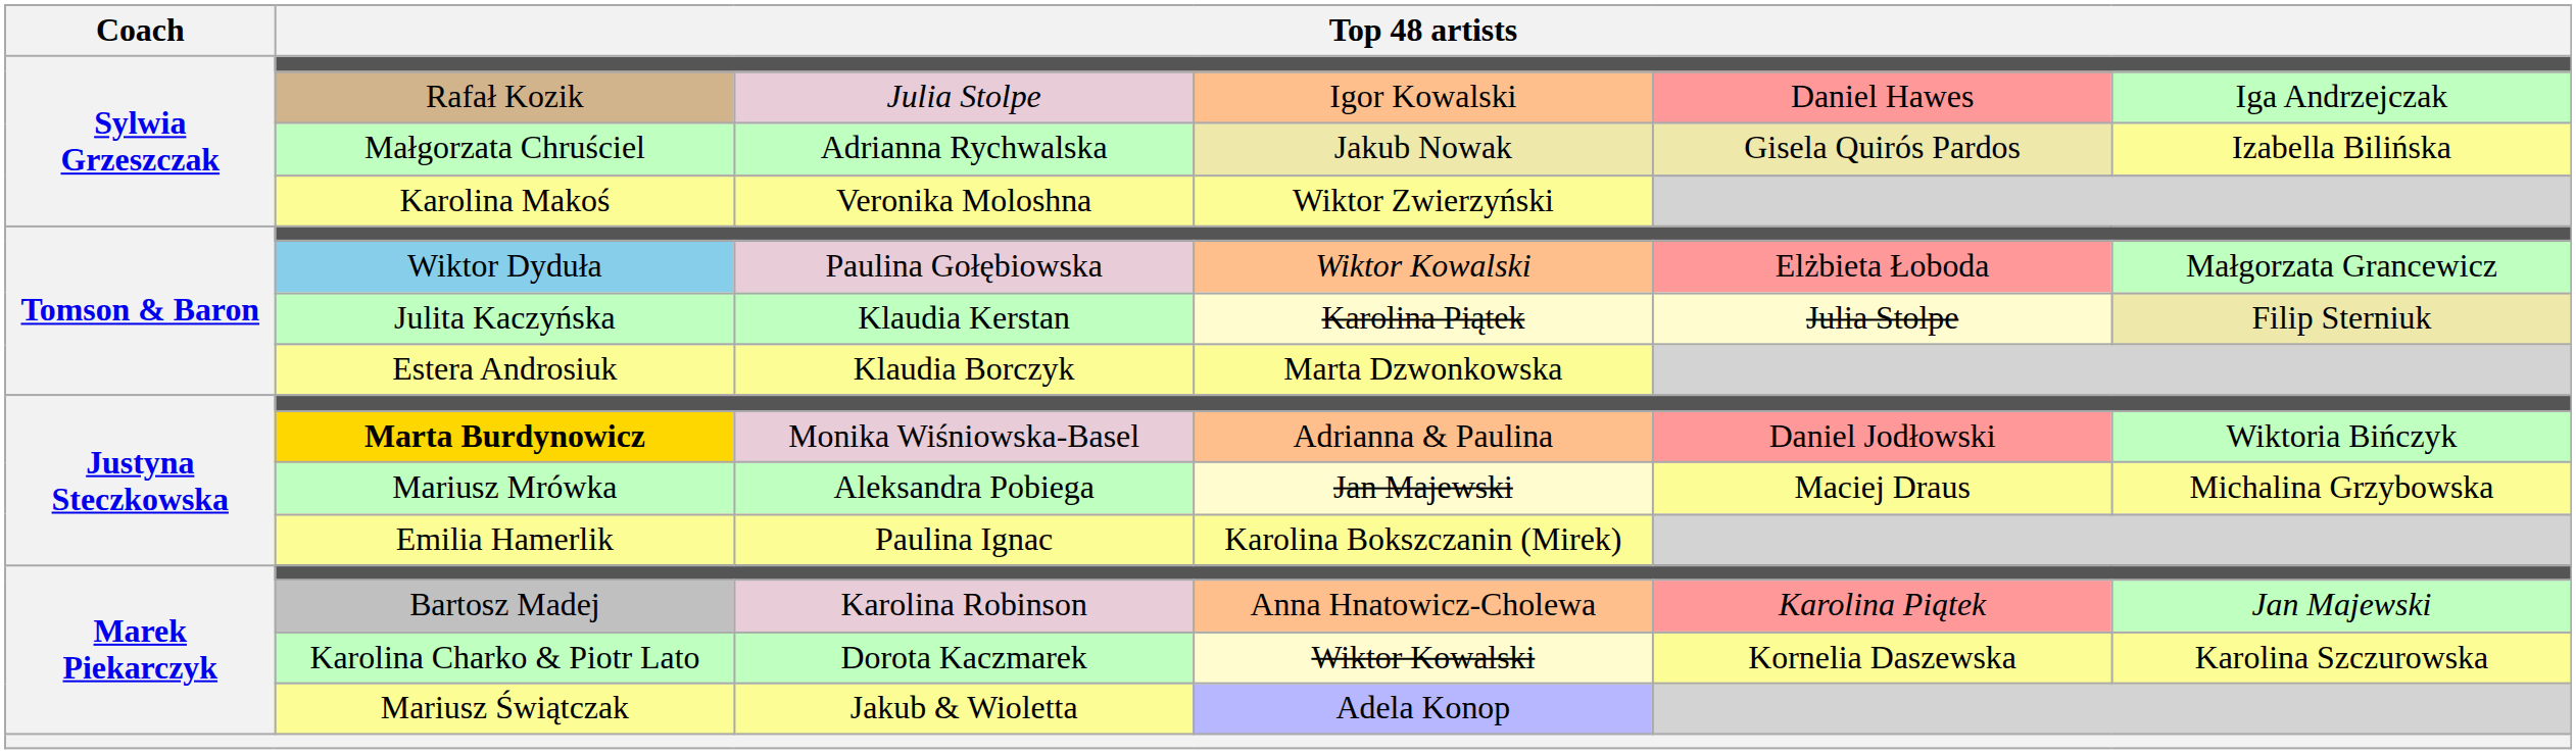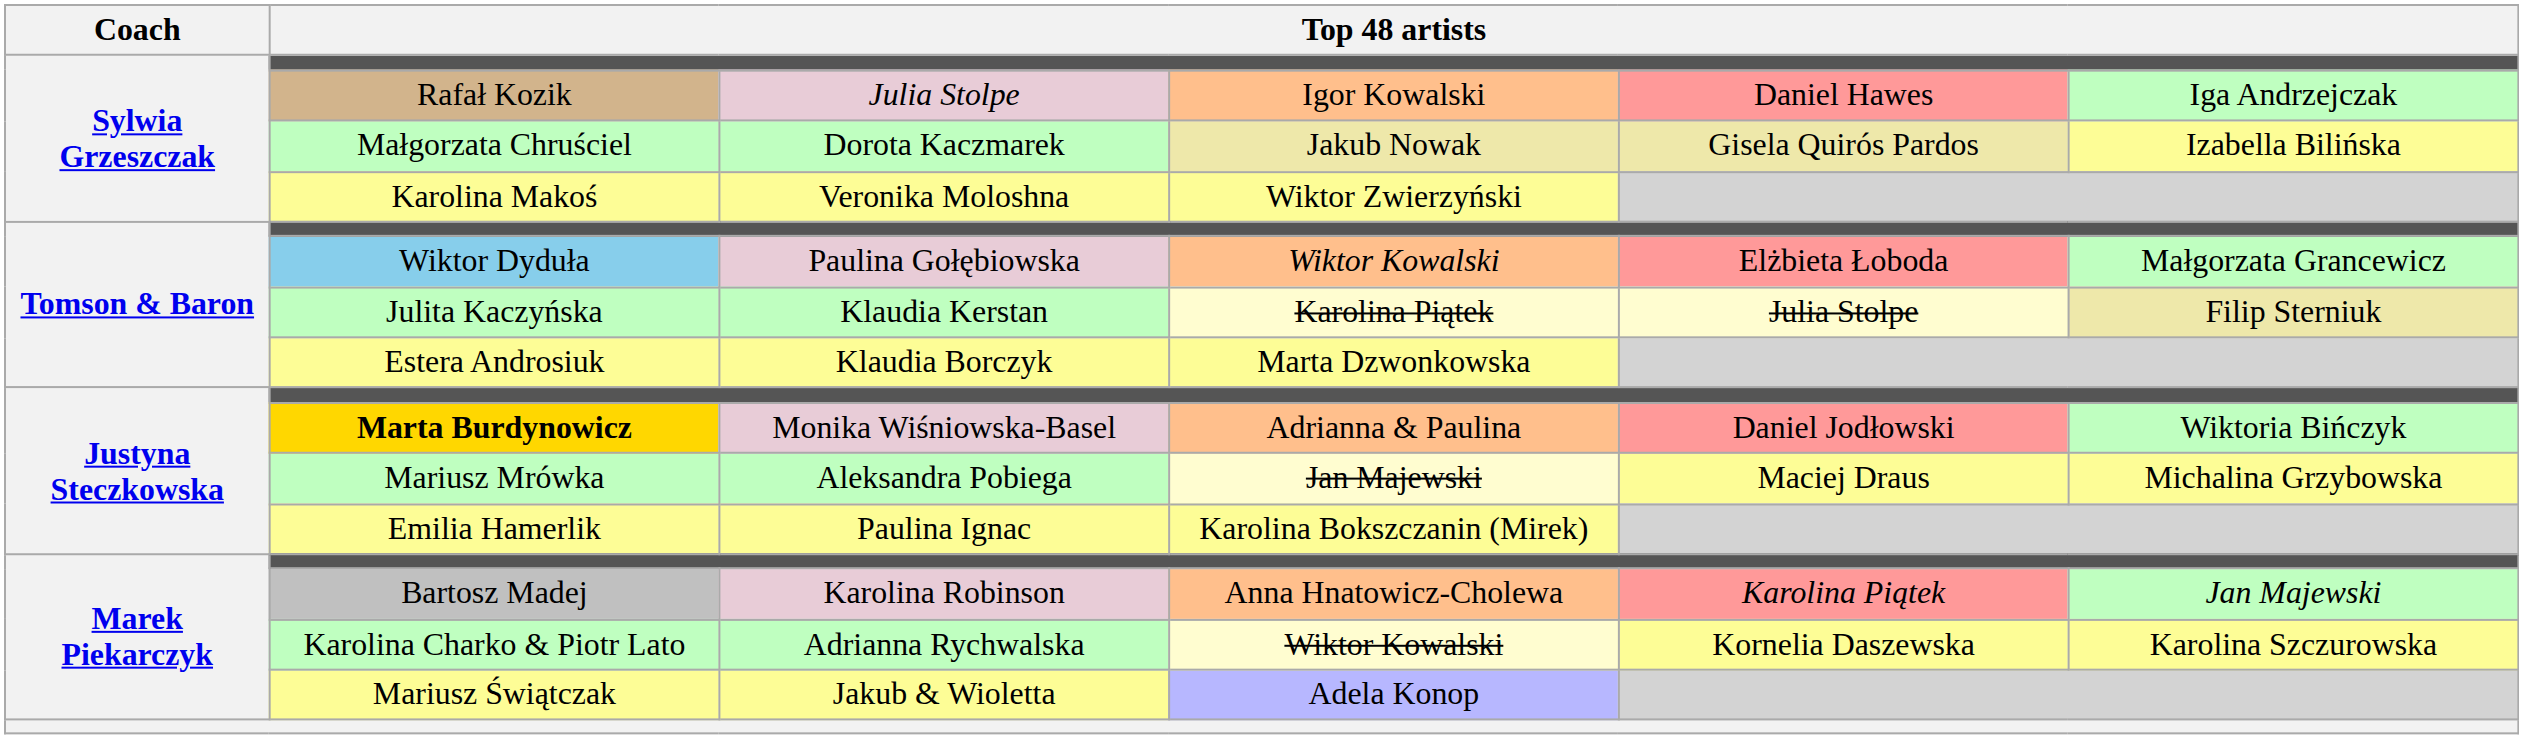 <table class="wikitable" style="text-align:center; width:100%">
 <tr>
 <th scope="col" style="width:10%">Coach</th>
 <th colspan="9" style="width:90%">Top 48 artists</th>
 </tr>
 <tr>
 <th style="background:" rowspan="4"><a href='#'>Sylwia Grzeszczak</a></th>
 <td colspan="8" style="background:#555"></td>
 </tr>
 <tr>
 <td style="background:tan; width:17%">Rafał Kozik</td>
 <td style="background:#E8CCD7; width:17%"><em>Julia Stolpe</em></td>
 <td style="background:#ffbf8c; width:17%">Igor Kowalski</td>
 <td style="background:#FF9999; width:17%">Daniel Hawes</td>
 <td style="background:#BFFFC0; width:17%">Iga Andrzejczak</td>
 </tr>
 <tr>
 <td style="background:#BFFFC0">Małgorzata Chruściel</td>
-<td style="background:#BFFFC0">Adrianna Rychwalska</td>
+<td style="background:#BFFFC0">Dorota Kaczmarek</td>
 <td style="background:palegoldenrod">Jakub Nowak</td>
 <td style="background:palegoldenrod">Gisela Quirós Pardos</td>
 <td style="background:#FDFD96">Izabella Bilińska</td>
 </tr>
 <tr>
 <td style="background:#FDFD96">Karolina Makoś</td>
 <td style="background:#FDFD96">Veronika Moloshna</td>
 <td style="background:#FDFD96">Wiktor Zwierzyński</td>
 <td colspan="3" style="background:lightgrey"></td>
 </tr>
 <tr>
 <th style="background:" rowspan="4"><a href='#'>Tomson & Baron</a></th>
 <td colspan="8" style="background:#555"></td>
 </tr>
 <tr>
 <td style="background:skyblue">Wiktor Dyduła</td>
 <td style="background:#E8CCD7">Paulina Gołębiowska</td>
 <td style="background:#ffbf8c"><em>Wiktor Kowalski</em></td>
 <td style="background:#FF9999">Elżbieta Łoboda</td>
 <td style="background:#BFFFC0">Małgorzata Grancewicz</td>
 </tr>
 <tr>
 <td style="background:#BFFFC0">Julita Kaczyńska</td>
 <td style="background:#BFFFC0">Klaudia Kerstan</td>
 <td style="background:#FFFDD0"><s>Karolina Piątek</s></td>
 <td style="background:#FFFDD0"><s>Julia Stolpe</s></td>
 <td style="background:palegoldenrod">Filip Sterniuk</td>
 </tr>
 <tr>
 <td style="background:#FDFD96">Estera Androsiuk</td>
 <td style="background:#FDFD96">Klaudia Borczyk</td>
 <td style="background:#FDFD96">Marta Dzwonkowska</td>
 <td colspan="3" style="background:lightgrey"></td>
 </tr>
 <tr>
 <th style="background:" rowspan="4"><a href='#'>Justyna Steczkowska</a></th>
 <td colspan="8" style="background:#555"></td>
 </tr>
 <tr>
 <td style="background:gold"><strong>Marta Burdynowicz</strong></td>
 <td style="background:#E8CCD7">Monika Wiśniowska-Basel</td>
 <td style="background:#ffbf8c">Adrianna & Paulina</td>
 <td style="background:#FF9999">Daniel Jodłowski</td>
 <td style="background:#BFFFC0">Wiktoria Bińczyk</td>
 </tr>
 <tr>
 <td style="background:#BFFFC0">Mariusz Mrówka</td>
 <td style="background:#BFFFC0">Aleksandra Pobiega</td>
 <td style="background:#FFFDD0"><s>Jan Majewski</s></td>
 <td style="background:#FDFD96">Maciej Draus</td>
 <td style="background:#FDFD96">Michalina Grzybowska</td>
 </tr>
 <tr>
 <td style="background:#FDFD96">Emilia Hamerlik</td>
 <td style="background:#FDFD96">Paulina Ignac</td>
 <td style="background:#FDFD96">Karolina Bokszczanin (Mirek)</td>
 <td colspan="3" style="background:lightgrey"></td>
 </tr>
 <tr>
 <th style="background:" rowspan="4"><a href='#'>Marek Piekarczyk</a></th>
 <td colspan="8" style="background:#555"></td>
 </tr>
 <tr>
 <td style="background:silver">Bartosz Madej</td>
 <td style="background:#E8CCD7">Karolina Robinson</td>
 <td style="background:#ffbf8c">Anna Hnatowicz-Cholewa</td>
 <td style="background:#FF9999"><em>Karolina Piątek</em></td>
 <td style="background:#BFFFC0"><em>Jan Majewski</em></td>
 </tr>
 <tr>
 <td style="background:#BFFFC0">Karolina Charko & Piotr Lato</td>
-<td style="background:#BFFFC0">Dorota Kaczmarek</td>
+<td style="background:#BFFFC0">Adrianna Rychwalska</td>
 <td style="background:#FFFDD0"><s>Wiktor Kowalski</s></td>
 <td style="background:#FDFD96">Kornelia Daszewska</td>
 <td style="background:#FDFD96">Karolina Szczurowska</td>
 </tr>
 <tr>
 <td style="background:#FDFD96">Mariusz Świątczak</td>
 <td style="background:#FDFD96">Jakub & Wioletta</td>
 <td style="background:#b7b7ff">Adela Konop</td>
 <td colspan="3" style="background:lightgrey"></td>
 </tr>
 <tr>
 <th colspan="6" style="font-size:95%; line-height:14px"></th>
 </tr>
 </table>
